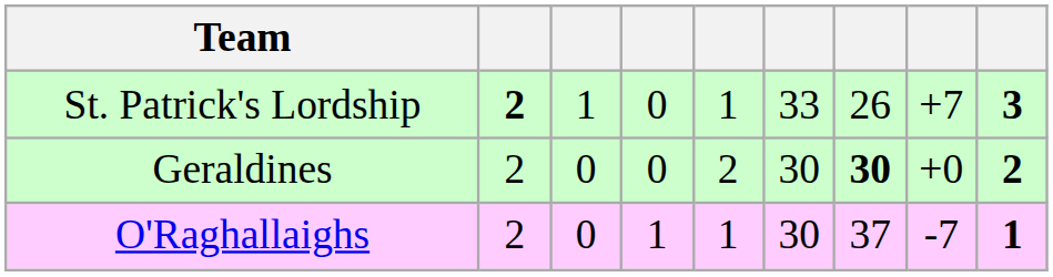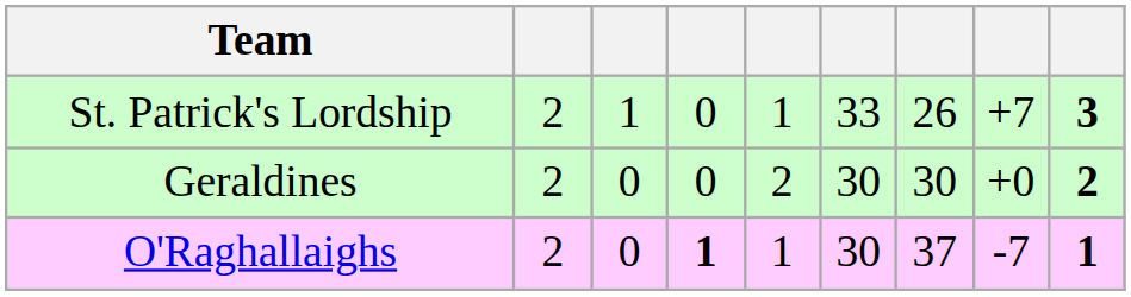 <table class="wikitable" style="text-align:center">
 <tr>
 <th style="width:175px;">Team</th>
 <th width="20"></th>
 <th width="20"></th>
 <th width="20"></th>
 <th width="20"></th>
 <th width="20"></th>
 <th width="20"></th>
 <th width="20"></th>
 <th width="20"></th>
 </tr>
 <tr style="background:#cfc;">
 <td>St. Patrick's Lordship</td>
-<td><strong>2</strong></td>
+<td>2</td>
 <td>1</td>
 <td>0</td>
 <td>1</td>
 <td>33</td>
 <td>26</td>
 <td>+7</td>
 <td><strong>3</strong></td>
 </tr>
 <tr style="background:#cfc;">
 <td>Geraldines</td>
 <td>2</td>
 <td>0</td>
 <td>0</td>
 <td>2</td>
 <td>30</td>
-<td><strong>30</strong></td>
+<td>30</td>
 <td>+0</td>
 <td><strong>2</strong></td>
 </tr>
 <tr style="background:#fcf;">
 <td><a href='#'>O'Raghallaighs</a></td>
 <td>2</td>
 <td>0</td>
-<td>1</td>
+<td><strong>1</strong></td>
 <td>1</td>
 <td>30</td>
 <td>37</td>
 <td>-7</td>
 <td><strong>1</strong></td>
 </tr>
 </table>
